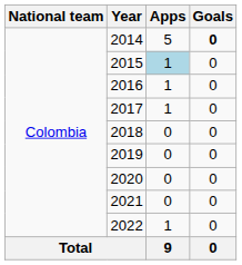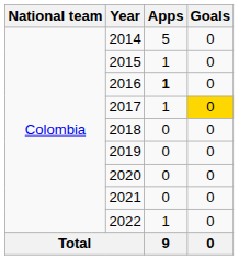 <table class="wikitable" style="text-align:center">
 <tr>
 <th>National team</th>
 <th>Year</th>
 <th>Apps</th>
 <th>Goals</th>
 </tr>
 <tr>
 <td rowspan="9"><a href='#'>Colombia</a></td>
 <td>2014</td>
 <td>5</td>
-<td><strong>0</strong></td>
+<td>0</td>
 </tr>
 <tr>
 <td>2015</td>
-<td style="background: lightblue;">1</td>
+<td>1</td>
 <td>0</td>
 </tr>
 <tr>
 <td>2016</td>
-<td>1</td>
+<td><strong>1</strong></td>
 <td>0</td>
 </tr>
 <tr>
 <td>2017</td>
 <td>1</td>
-<td>0</td>
+<td style="background: gold;">0</td>
 </tr>
 <tr>
 <td>2018</td>
 <td>0</td>
 <td>0</td>
 </tr>
 <tr>
 <td>2019</td>
 <td>0</td>
 <td>0</td>
 </tr>
 <tr>
 <td>2020</td>
 <td>0</td>
 <td>0</td>
 </tr>
 <tr>
 <td>2021</td>
 <td>0</td>
 <td>0</td>
 </tr>
 <tr>
 <td>2022</td>
 <td>1</td>
 <td>0</td>
 </tr>
 <tr>
 <th colspan="2">Total</th>
 <th>9</th>
 <th>0</th>
 </tr>
 </table>
